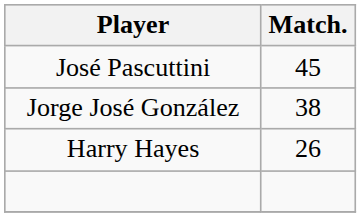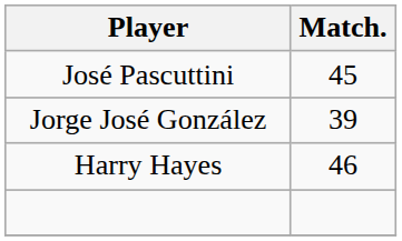 <table class="wikitable sortable" style="text-align:center">
 <tr>
 <th width=150px>Player</th>
 <th width=50px>Match.</th>
 </tr>
 <tr>
 <td>José Pascuttini</td>
 <td>45</td>
 </tr>
 <tr>
 <td>Jorge José González</td>
-<td>38</td>
+<td>39</td>
 </tr>
 <tr>
 <td>Harry Hayes</td>
-<td>26</td>
+<td>46</td>
 </tr>
 <tr>
 <td> </td>
 <td> </td>
 </tr>
 <tr>
 </tr>
 </table>
